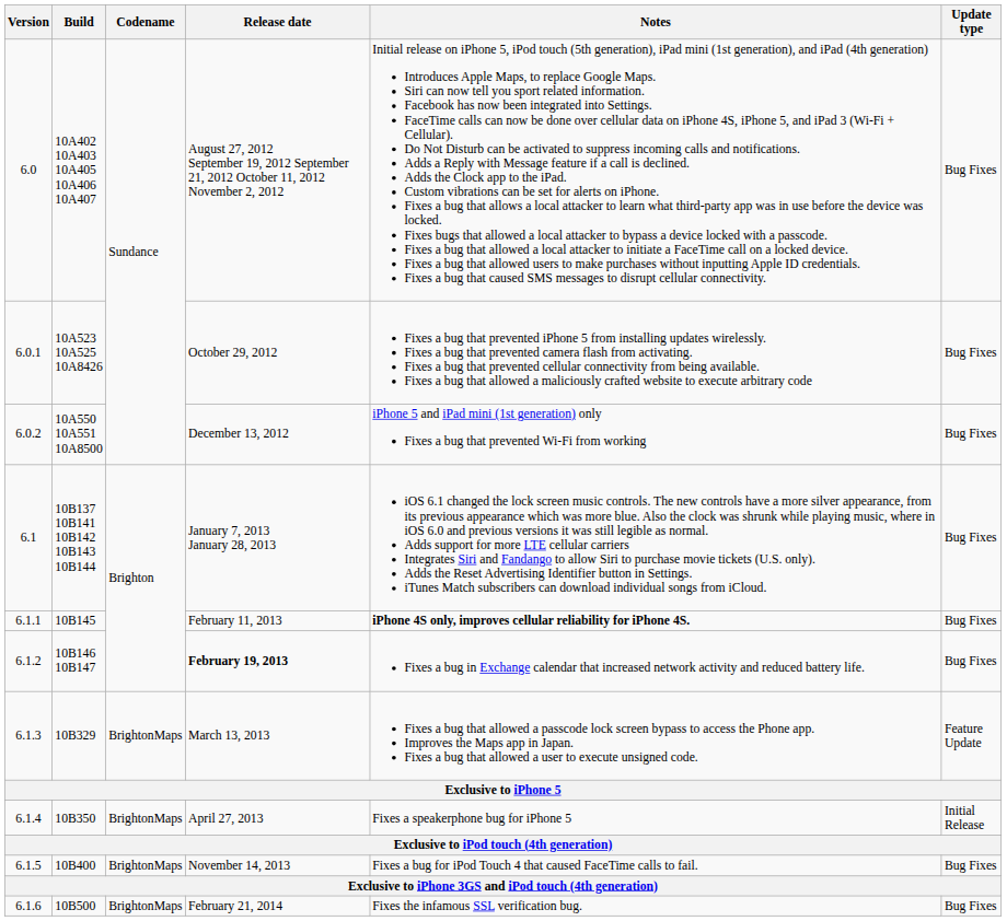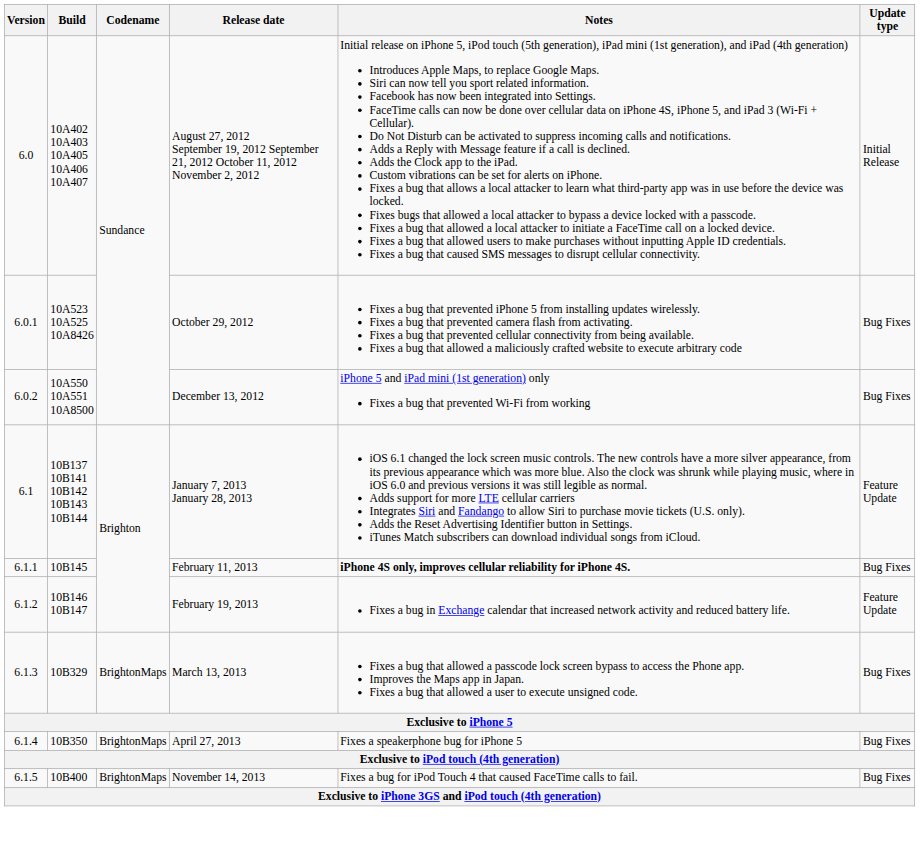 <table class="wikitable">
 <tr>
 <th>Version</th>
 <th>Build</th>
 <th>Codename</th>
 <th>Release date</th>
 <th>Notes</th>
 <th>Update type</th>
 </tr>
 <tr>
 <td style="text-align: center;">6.0</td>
 <td>10A402<br>10A403<br>10A405<br>10A406<br>10A407</td>
 <td rowspan="3">Sundance</td>
 <td>August 27, 2012<br>September 19, 2012 September 21, 2012 October 11, 2012 November 2, 2012</td>
 <td>Initial release on iPhone 5, iPod touch (5th generation), iPad mini (1st generation), and iPad (4th generation)<br><ul><li>Introduces Apple Maps, to replace Google Maps.</li><li>Siri can now tell you sport related information.</li><li>Facebook has now been integrated into Settings.</li><li>FaceTime calls can now be done over cellular data on iPhone 4S, iPhone 5, and iPad 3 (Wi-Fi + Cellular).</li><li>Do Not Disturb can be activated to suppress incoming calls and notifications.</li><li>Adds a Reply with Message feature if a call is declined.</li><li>Adds the Clock app to the iPad.</li><li>Custom vibrations can be set for alerts on iPhone.</li><li>Fixes a bug that allows a local attacker to learn what third-party app was in use before the device was locked.</li><li>Fixes bugs that allowed a local attacker to bypass a device locked with a passcode.</li><li>Fixes a bug that allowed a local attacker to initiate a FaceTime call on a locked device.</li><li>Fixes a bug that allowed users to make purchases without inputting Apple ID credentials.</li><li>Fixes a bug that caused SMS messages to disrupt cellular connectivity.</li></ul></td>
-<td>Bug Fixes</td>
+<td>Initial Release</td>
 </tr>
 <tr>
 <td style="text-align: center;">6.0.1</td>
 <td>10A523<br>10A525<br>10A8426</td>
 <td>October 29, 2012</td>
 <td><br><ul><li>Fixes a bug that prevented iPhone 5 from installing updates wirelessly.</li><li>Fixes a bug that prevented camera flash from activating.</li><li>Fixes a bug that prevented cellular connectivity from being available.</li><li>Fixes a bug that allowed a maliciously crafted website to execute arbitrary code</li></ul></td>
 <td>Bug Fixes</td>
 </tr>
 <tr>
 <td style="text-align: center;">6.0.2</td>
 <td>10A550<br>10A551<br>10A8500</td>
 <td>December 13, 2012</td>
 <td><a href='#'>iPhone 5</a> and <a href='#'>iPad mini (1st generation)</a> only<br><ul><li>Fixes a bug that prevented Wi-Fi from working</li></ul></td>
 <td>Bug Fixes</td>
 </tr>
 <tr>
 <td style="text-align: center;">6.1</td>
 <td>10B137<br>10B141<br>10B142<br>10B143<br>10B144</td>
 <td rowspan="3">Brighton</td>
 <td>January 7, 2013<br>January 28, 2013</td>
 <td><br><ul><li>iOS 6.1 changed the lock screen music controls. The new controls have a more silver appearance, from its previous appearance which was more blue. Also the clock was shrunk while playing music, where in iOS 6.0 and previous versions it was still legible as normal.</li><li>Adds support for more <a href='#'>LTE</a> cellular carriers</li><li>Integrates <a href='#'>Siri</a> and <a href='#'>Fandango</a> to allow Siri to purchase movie tickets (U.S. only).</li><li>Adds the Reset Advertising Identifier button in Settings.</li><li>iTunes Match subscribers can download individual songs from iCloud.</li></ul></td>
-<td>Bug Fixes</td>
+<td>Feature Update</td>
 </tr>
 <tr>
 <td style="text-align: center;">6.1.1</td>
 <td>10B145</td>
 <td>February 11, 2013</td>
 <td><strong>iPhone 4S only, improves cellular reliability for iPhone 4S.</strong></td>
 <td>Bug Fixes</td>
 </tr>
 <tr>
 <td style="text-align: center;">6.1.2</td>
 <td>10B146<br>10B147</td>
-<td><strong>February 19, 2013</strong></td>
+<td>February 19, 2013</td>
 <td><br><ul><li>Fixes a bug in <a href='#'>Exchange</a> calendar that increased network activity and reduced battery life.</li></ul></td>
-<td>Bug Fixes</td>
+<td>Feature Update</td>
 </tr>
 <tr>
 <td style="text-align: center;">6.1.3</td>
 <td>10B329</td>
 <td>BrightonMaps</td>
 <td>March 13, 2013</td>
 <td><br><ul><li>Fixes a bug that allowed a passcode lock screen bypass to access the Phone app.</li><li>Improves the Maps app in Japan.</li><li>Fixes a bug that allowed a user to execute unsigned code.</li></ul></td>
-<td>Feature Update</td>
+<td>Bug Fixes</td>
 </tr>
 <tr>
 <th colspan="6">Exclusive to <a href='#'>iPhone 5</a></th>
 </tr>
 <tr>
 <td style="text-align: center;">6.1.4</td>
 <td>10B350</td>
 <td>BrightonMaps</td>
 <td>April 27, 2013</td>
 <td>Fixes a speakerphone bug for iPhone 5</td>
-<td>Initial Release</td>
+<td>Bug Fixes</td>
 </tr>
 <tr>
 <th colspan="6">Exclusive to <a href='#'>iPod touch (4th generation)</a></th>
 </tr>
 <tr>
 <td style="text-align: center;">6.1.5</td>
 <td>10B400</td>
 <td>BrightonMaps</td>
 <td>November 14, 2013</td>
 <td>Fixes a bug for iPod Touch 4 that caused FaceTime calls to fail.</td>
 <td>Bug Fixes</td>
 </tr>
 <tr>
 <th colspan="6">Exclusive to <a href='#'>iPhone 3GS</a> and <a href='#'>iPod touch (4th generation)</a></th>
 </tr>
-<tr>
-<td style="text-align: center;">6.1.6</td>
-<td>10B500</td>
-<td>BrightonMaps</td>
-<td>February 21, 2014</td>
-<td>Fixes the infamous  <a href='#'>SSL</a> verification bug.</td>
-<td>Bug Fixes</td>
-</tr>
 </table>
